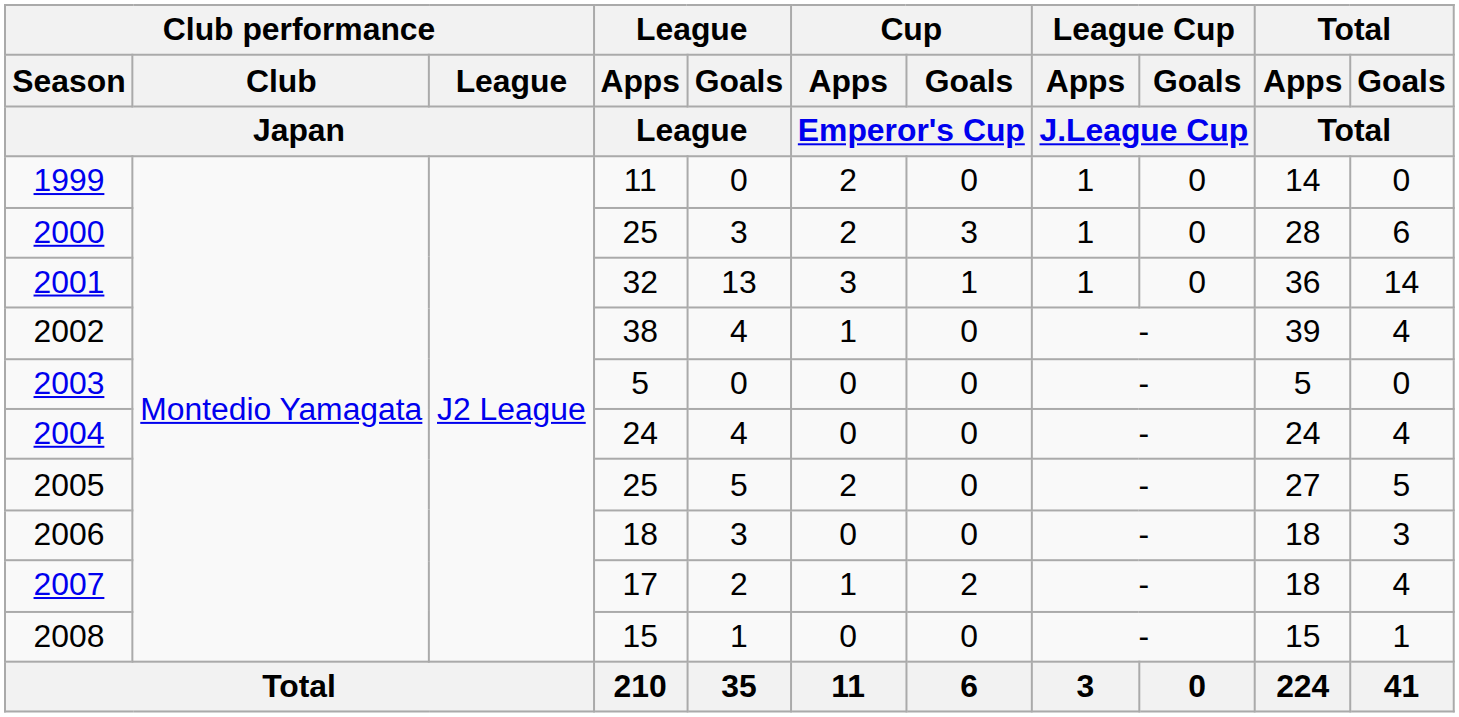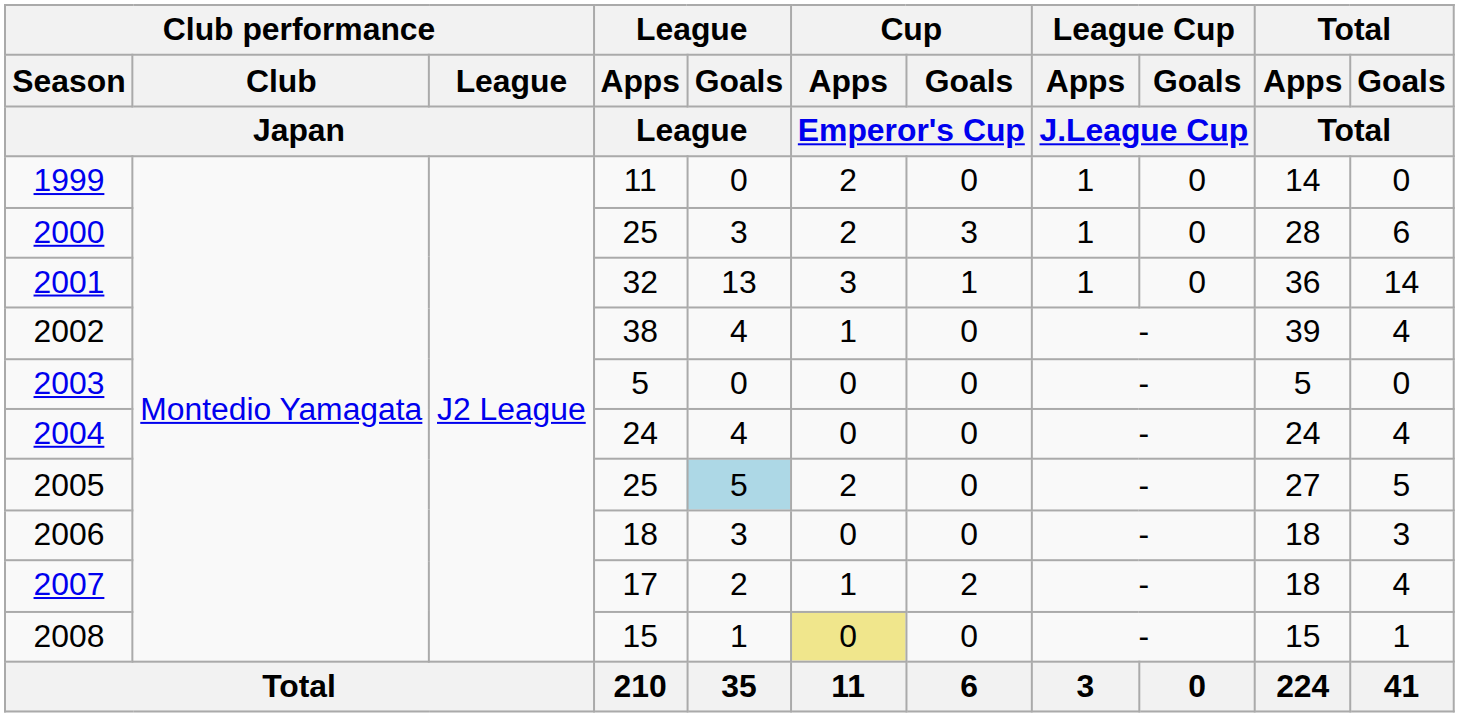 <table class="wikitable" style="text-align:center;">
 <tr>
 <th colspan=3>Club performance</th>
 <th colspan=2>League</th>
 <th colspan=2>Cup</th>
 <th colspan=2>League Cup</th>
 <th colspan=2>Total</th>
 </tr>
 <tr>
 <th>Season</th>
 <th>Club</th>
 <th>League</th>
 <th>Apps</th>
 <th>Goals</th>
 <th>Apps</th>
 <th>Goals</th>
 <th>Apps</th>
 <th>Goals</th>
 <th>Apps</th>
 <th>Goals</th>
 </tr>
 <tr>
 <th colspan=3>Japan</th>
 <th colspan=2>League</th>
 <th colspan=2><a href='#'>Emperor's Cup</a></th>
 <th colspan=2><a href='#'>J.League Cup</a></th>
 <th colspan=2>Total</th>
 </tr>
 <tr>
 <td><a href='#'>1999</a></td>
 <td rowspan="10"><a href='#'>Montedio Yamagata</a></td>
 <td rowspan="10"><a href='#'>J2 League</a></td>
 <td>11</td>
 <td>0</td>
 <td>2</td>
 <td>0</td>
 <td>1</td>
 <td>0</td>
 <td>14</td>
 <td>0</td>
 </tr>
 <tr>
 <td><a href='#'>2000</a></td>
 <td>25</td>
 <td>3</td>
 <td>2</td>
 <td>3</td>
 <td>1</td>
 <td>0</td>
 <td>28</td>
 <td>6</td>
 </tr>
 <tr>
 <td><a href='#'>2001</a></td>
 <td>32</td>
 <td>13</td>
 <td>3</td>
 <td>1</td>
 <td>1</td>
 <td>0</td>
 <td>36</td>
 <td>14</td>
 </tr>
 <tr>
 <td>2002</td>
 <td>38</td>
 <td>4</td>
 <td>1</td>
 <td>0</td>
 <td colspan="2">-</td>
 <td>39</td>
 <td>4</td>
 </tr>
 <tr>
 <td><a href='#'>2003</a></td>
 <td>5</td>
 <td>0</td>
 <td>0</td>
 <td>0</td>
 <td colspan="2">-</td>
 <td>5</td>
 <td>0</td>
 </tr>
 <tr>
 <td><a href='#'>2004</a></td>
 <td>24</td>
 <td>4</td>
 <td>0</td>
 <td>0</td>
 <td colspan="2">-</td>
 <td>24</td>
 <td>4</td>
 </tr>
 <tr>
 <td>2005</td>
 <td>25</td>
-<td>5</td>
+<td style="background: lightblue;">5</td>
 <td>2</td>
 <td>0</td>
 <td colspan="2">-</td>
 <td>27</td>
 <td>5</td>
 </tr>
 <tr>
 <td>2006</td>
 <td>18</td>
 <td>3</td>
 <td>0</td>
 <td>0</td>
 <td colspan="2">-</td>
 <td>18</td>
 <td>3</td>
 </tr>
 <tr>
 <td><a href='#'>2007</a></td>
 <td>17</td>
 <td>2</td>
 <td>1</td>
 <td>2</td>
 <td colspan="2">-</td>
 <td>18</td>
 <td>4</td>
 </tr>
 <tr>
 <td>2008</td>
 <td>15</td>
 <td>1</td>
-<td>0</td>
+<td style="background: khaki;">0</td>
 <td>0</td>
 <td colspan="2">-</td>
 <td>15</td>
 <td>1</td>
 </tr>
 <tr>
 <th colspan=3>Total</th>
 <th>210</th>
 <th>35</th>
 <th>11</th>
 <th>6</th>
 <th>3</th>
 <th>0</th>
 <th>224</th>
 <th>41</th>
 </tr>
 </table>
